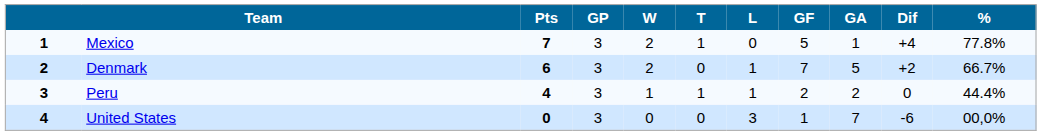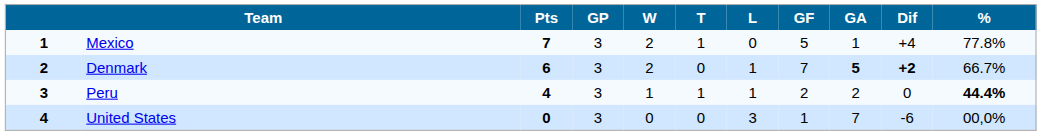 <table align=center cellpadding="4" cellspacing="0" style="background: #f9f9f9; border: 1px #aaa solid; border-collapse: collapse; font-size: 90%;" width=50%>
 <tr align=center bgcolor=#006699 style="color:white;">
 <th width=50% colspan=2>Team</th>
 <th width=5%>Pts</th>
 <th width=5%>GP</th>
 <th width=5%>W</th>
 <th width=5%>T</th>
 <th width=5%>L</th>
 <th width=5%>GF</th>
 <th width=5%>GA</th>
 <th width=5%>Dif</th>
 <th width=10%>%</th>
 </tr>
 <tr align=center bgcolor=#F5FAFF>
 <td><strong>1</strong></td>
 <td align=left> <a href='#'>Mexico</a></td>
 <td><strong>7</strong></td>
 <td>3</td>
 <td>2</td>
 <td>1</td>
 <td>0</td>
 <td>5</td>
 <td>1</td>
 <td>+4</td>
 <td>77.8%</td>
 </tr>
 <tr align=center bgcolor=#D0E7FF>
 <td><strong>2</strong></td>
 <td align=left> <a href='#'>Denmark</a></td>
 <td><strong>6</strong></td>
 <td>3</td>
 <td>2</td>
 <td>0</td>
 <td>1</td>
 <td>7</td>
-<td>5</td>
-<td>+2</td>
+<td><strong>5</strong></td>
+<td><strong>+2</strong></td>
 <td>66.7%</td>
 </tr>
 <tr align=center bgcolor=#F5FAFF>
 <td><strong>3</strong></td>
 <td align=left> <a href='#'>Peru</a></td>
 <td><strong>4</strong></td>
 <td>3</td>
 <td>1</td>
 <td>1</td>
 <td>1</td>
 <td>2</td>
 <td>2</td>
 <td>0</td>
-<td>44.4%</td>
+<td><strong>44.4%</strong></td>
 </tr>
 <tr align=center bgcolor=#D0E7FF>
 <td><strong>4</strong></td>
 <td align=left> <a href='#'>United States</a></td>
 <td><strong>0</strong></td>
 <td>3</td>
 <td>0</td>
 <td>0</td>
 <td>3</td>
 <td>1</td>
 <td>7</td>
 <td>-6</td>
 <td>00,0%</td>
 </tr>
 <tr align=center bgcolor=#F5FAFF>
 </tr>
 </table>
